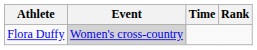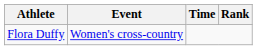 <table class="wikitable" style="font-size:90%;">
 <tr>
 <th>Athlete</th>
 <th>Event</th>
 <th>Time</th>
 <th>Rank</th>
 </tr>
 <tr align=center>
 <td align=left><a href='#'>Flora Duffy</a></td>
-<td align=left style="background: lightgrey;"><a href='#'>Women's cross-country</a></td>
+<td align=left><a href='#'>Women's cross-country</a></td>
 <td colspan=2></td>
 </tr>
 </table>
